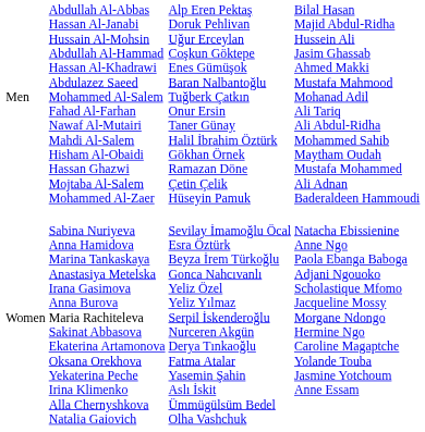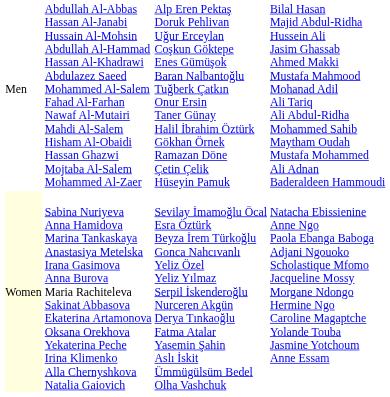 <table>
 <tr>
 <td>Men</td>
 <td><br><a href='#'>Abdullah Al-Abbas</a><br><a href='#'>Hassan Al-Janabi</a><br><a href='#'>Hussain Al-Mohsin</a><br><a href='#'>Abdullah Al-Hammad</a><br><a href='#'>Hassan Al-Khadrawi</a><br><a href='#'>Abdulazez Saeed</a><br><a href='#'>Mohammed Al-Salem</a><br><a href='#'>Fahad Al-Farhan</a><br><a href='#'>Nawaf Al-Mutairi</a><br><a href='#'>Mahdi Al-Salem</a><br><a href='#'>Hisham Al-Obaidi</a><br><a href='#'>Hassan Ghazwi</a><br><a href='#'>Mojtaba Al-Salem</a><br><a href='#'>Mohammed Al-Zaer</a></td>
 <td><br><a href='#'>Alp Eren Pektaş</a><br><a href='#'>Doruk Pehlivan</a><br><a href='#'>Uğur Erceylan</a><br><a href='#'>Coşkun Göktepe</a><br><a href='#'>Enes Gümüşok</a><br><a href='#'>Baran Nalbantoğlu</a><br><a href='#'>Tuğberk Çatkın</a><br><a href='#'>Onur Ersin</a><br><a href='#'>Taner Günay</a><br><a href='#'>Halil İbrahim Öztürk</a><br><a href='#'>Gökhan Örnek</a><br><a href='#'>Ramazan Döne</a><br><a href='#'>Çetin Çelik</a><br><a href='#'>Hüseyin Pamuk</a></td>
 <td><br><a href='#'>Bilal Hasan</a><br><a href='#'>Majid Abdul-Ridha</a><br><a href='#'>Hussein Ali</a><br><a href='#'>Jasim Ghassab</a><br><a href='#'>Ahmed Makki</a><br><a href='#'>Mustafa Mahmood</a><br><a href='#'>Mohanad Adil</a><br><a href='#'>Ali Tariq</a><br><a href='#'>Ali Abdul-Ridha</a><br><a href='#'>Mohammed Sahib</a><br><a href='#'>Maytham Oudah</a><br><a href='#'>Mustafa Mohammed</a><br><a href='#'>Ali Adnan</a><br><a href='#'>Baderaldeen Hammoudi</a></td>
 </tr>
 <tr>
-<td>Women</td>
+<td style="background: lightyellow;">Women</td>
 <td><br><a href='#'>Sabina Nuriyeva</a><br><a href='#'>Anna Hamidova</a><br><a href='#'>Marina Tankaskaya</a><br><a href='#'>Anastasiya Metelska</a><br><a href='#'>Irana Gasimova</a><br><a href='#'>Anna Burova</a><br>Maria Rachiteleva<br><a href='#'>Sakinat Abbasova</a><br><a href='#'>Ekaterina Artamonova</a><br><a href='#'>Oksana Orekhova</a><br><a href='#'>Yekaterina Peche</a><br><a href='#'>Irina Klimenko</a><br><a href='#'>Alla Chernyshkova</a><br><a href='#'>Natalia Gaiovich</a></td>
 <td><br><a href='#'>Sevilay İmamoğlu Öcal</a><br><a href='#'>Esra Öztürk</a><br><a href='#'>Beyza İrem Türkoğlu</a><br><a href='#'>Gonca Nahcıvanlı</a><br><a href='#'>Yeliz Özel</a><br><a href='#'>Yeliz Yılmaz</a><br><a href='#'>Serpil İskenderoğlu</a><br><a href='#'>Nurceren Akgün</a><br><a href='#'>Derya Tınkaoğlu</a><br><a href='#'>Fatma Atalar</a><br><a href='#'>Yasemin Şahin</a><br><a href='#'>Aslı İskit</a><br><a href='#'>Ümmügülsüm Bedel</a><br><a href='#'>Olha Vashchuk</a></td>
 <td valign=top><br><a href='#'>Natacha Ebissienine</a><br><a href='#'>Anne Ngo</a><br><a href='#'>Paola Ebanga Baboga</a><br><a href='#'>Adjani Ngouoko</a><br><a href='#'>Scholastique Mfomo</a><br><a href='#'>Jacqueline Mossy</a><br><a href='#'>Morgane Ndongo</a><br><a href='#'>Hermine Ngo</a><br><a href='#'>Caroline Magaptche</a><br><a href='#'>Yolande Touba</a><br><a href='#'>Jasmine Yotchoum</a><br><a href='#'>Anne Essam</a></td>
 </tr>
 </table>
